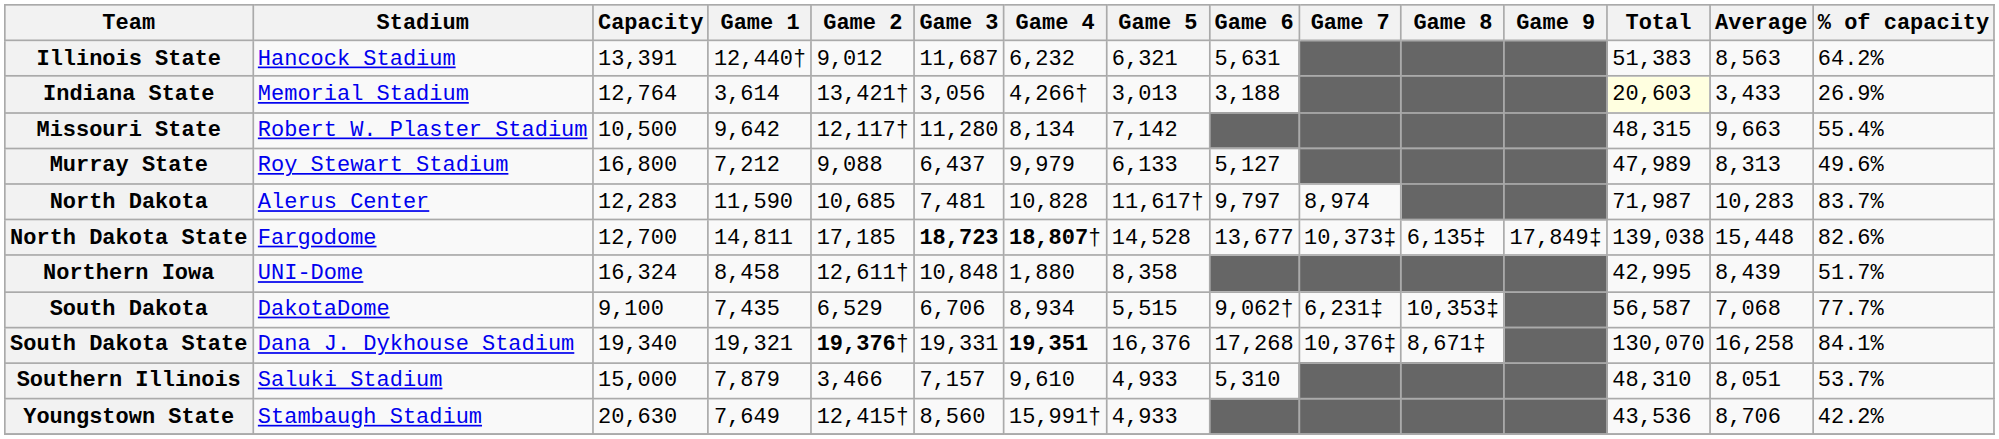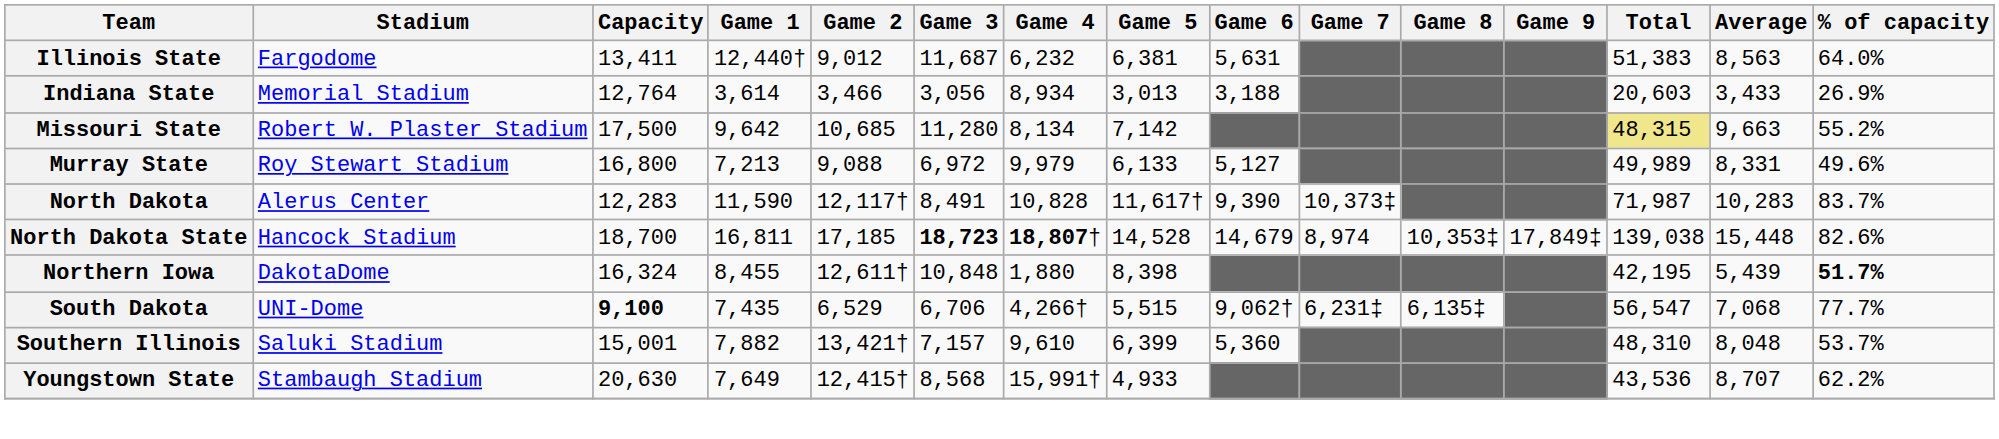 <table class="wikitable sortable">
 <tr>
 <th>Team</th>
 <th>Stadium</th>
 <th>Capacity</th>
 <th>Game 1</th>
 <th>Game 2</th>
 <th>Game 3</th>
 <th>Game 4</th>
 <th>Game 5</th>
 <th>Game 6</th>
 <th>Game 7</th>
 <th>Game 8</th>
 <th>Game 9</th>
 <th>Total</th>
 <th>Average</th>
 <th>% of capacity</th>
 </tr>
 <tr>
 <th>Illinois State</th>
-<td><a href='#'>Hancock Stadium</a></td>
-<td>13,391</td>
+<td><a href='#'>Fargodome</a></td>
+<td>13,411</td>
 <td>12,440†</td>
 <td>9,012</td>
 <td>11,687</td>
 <td>6,232</td>
-<td>6,321</td>
+<td>6,381</td>
 <td>5,631</td>
 <td style="background:#666666;"></td>
 <td style="background:#666666;"></td>
 <td style="background:#666666;"></td>
 <td>51,383</td>
 <td>8,563</td>
-<td>64.2%</td>
+<td>64.0%</td>
 </tr>
 <tr>
 <th>Indiana State</th>
 <td><a href='#'>Memorial Stadium</a></td>
 <td>12,764</td>
 <td>3,614</td>
-<td>13,421†</td>
+<td>3,466</td>
 <td>3,056</td>
-<td>4,266†</td>
+<td>8,934</td>
 <td>3,013</td>
 <td>3,188</td>
 <td style="background:#666666;"></td>
 <td style="background:#666666;"></td>
 <td style="background:#666666;"></td>
-<td style="background: lightyellow;">20,603</td>
+<td>20,603</td>
 <td>3,433</td>
 <td>26.9%</td>
 </tr>
 <tr>
 <th>Missouri State</th>
 <td><a href='#'>Robert W. Plaster Stadium</a></td>
-<td>10,500</td>
+<td>17,500</td>
 <td>9,642</td>
-<td>12,117†</td>
+<td>10,685</td>
 <td>11,280</td>
 <td>8,134</td>
 <td>7,142</td>
 <td style="background:#666666;"></td>
 <td style="background:#666666;"></td>
 <td style="background:#666666;"></td>
 <td style="background:#666666;"></td>
-<td>48,315</td>
+<td style="background: khaki;">48,315</td>
 <td>9,663</td>
-<td>55.4%</td>
+<td>55.2%</td>
 </tr>
 <tr>
 <th>Murray State</th>
 <td><a href='#'>Roy Stewart Stadium</a></td>
 <td>16,800</td>
-<td>7,212</td>
+<td>7,213</td>
 <td>9,088</td>
-<td>6,437</td>
+<td>6,972</td>
 <td>9,979</td>
 <td>6,133</td>
 <td>5,127</td>
 <td style="background:#666666;"></td>
 <td style="background:#666666;"></td>
 <td style="background:#666666;"></td>
-<td>47,989</td>
-<td>8,313</td>
+<td>49,989</td>
+<td>8,331</td>
 <td>49.6%</td>
 </tr>
 <tr>
 <th>North Dakota</th>
 <td><a href='#'>Alerus Center</a></td>
 <td>12,283</td>
 <td>11,590</td>
-<td>10,685</td>
-<td>7,481</td>
+<td>12,117†</td>
+<td>8,491</td>
 <td>10,828</td>
 <td>11,617†</td>
-<td>9,797</td>
-<td>8,974</td>
+<td>9,390</td>
+<td>10,373‡</td>
 <td style="background:#666666;"></td>
 <td style="background:#666666;"></td>
 <td>71,987</td>
 <td>10,283</td>
 <td>83.7%</td>
 </tr>
 <tr>
 <th>North Dakota State</th>
-<td><a href='#'>Fargodome</a></td>
-<td>12,700</td>
-<td>14,811</td>
+<td><a href='#'>Hancock Stadium</a></td>
+<td>18,700</td>
+<td>16,811</td>
 <td>17,185</td>
 <td><strong>18,723</strong></td>
 <td><strong>18,807</strong>†</td>
 <td>14,528</td>
-<td>13,677</td>
-<td>10,373‡</td>
-<td>6,135‡</td>
+<td>14,679</td>
+<td>8,974</td>
+<td>10,353‡</td>
 <td>17,849‡</td>
 <td>139,038</td>
 <td>15,448</td>
 <td>82.6%</td>
 </tr>
 <tr>
 <th>Northern Iowa</th>
-<td><a href='#'>UNI-Dome</a></td>
+<td><a href='#'>DakotaDome</a></td>
 <td>16,324</td>
-<td>8,458</td>
+<td>8,455</td>
 <td>12,611†</td>
 <td>10,848</td>
 <td>1,880</td>
-<td>8,358</td>
+<td>8,398</td>
 <td style="background:#666666;"></td>
 <td style="background:#666666;"></td>
 <td style="background:#666666;"></td>
 <td style="background:#666666;"></td>
-<td>42,995</td>
-<td>8,439</td>
-<td>51.7%</td>
+<td>42,195</td>
+<td>5,439</td>
+<td><strong>51.7%</strong></td>
 </tr>
 <tr>
 <th>South Dakota</th>
-<td><a href='#'>DakotaDome</a></td>
-<td>9,100</td>
+<td><a href='#'>UNI-Dome</a></td>
+<td><strong>9,100</strong></td>
 <td>7,435</td>
 <td>6,529</td>
 <td>6,706</td>
-<td>8,934</td>
+<td>4,266†</td>
 <td>5,515</td>
 <td>9,062†</td>
 <td>6,231‡</td>
-<td>10,353‡</td>
+<td>6,135‡</td>
 <td style="background:#666666;"></td>
-<td>56,587</td>
+<td>56,547</td>
 <td>7,068</td>
 <td>77.7%</td>
 </tr>
 <tr>
-<th>South Dakota State</th>
-<td><a href='#'>Dana J. Dykhouse Stadium</a></td>
-<td>19,340</td>
-<td>19,321</td>
-<td><strong>19,376</strong>†</td>
-<td>19,331</td>
-<td><strong>19,351</strong></td>
-<td>16,376</td>
-<td>17,268</td>
-<td>10,376‡</td>
-<td>8,671‡</td>
-<td style="background:#666666;"></td>
-<td>130,070</td>
-<td>16,258</td>
-<td>84.1%</td>
-</tr>
-<tr>
 <th>Southern Illinois</th>
 <td><a href='#'>Saluki Stadium</a></td>
-<td>15,000</td>
-<td>7,879</td>
-<td>3,466</td>
+<td>15,001</td>
+<td>7,882</td>
+<td>13,421†</td>
 <td>7,157</td>
 <td>9,610</td>
-<td>4,933</td>
-<td>5,310</td>
+<td>6,399</td>
+<td>5,360</td>
 <td style="background:#666666;"></td>
 <td style="background:#666666;"></td>
 <td style="background:#666666;"></td>
 <td>48,310</td>
-<td>8,051</td>
+<td>8,048</td>
 <td>53.7%</td>
 </tr>
 <tr>
 <th>Youngstown State</th>
 <td><a href='#'>Stambaugh Stadium</a></td>
 <td>20,630</td>
 <td>7,649</td>
 <td>12,415†</td>
-<td>8,560</td>
+<td>8,568</td>
 <td>15,991†</td>
 <td>4,933</td>
 <td style="background:#666666;"></td>
 <td style="background:#666666;"></td>
 <td style="background:#666666;"></td>
 <td style="background:#666666;"></td>
 <td>43,536</td>
-<td>8,706</td>
-<td>42.2%</td>
+<td>8,707</td>
+<td>62.2%</td>
 </tr>
 <tr>
 </tr>
 </table>
